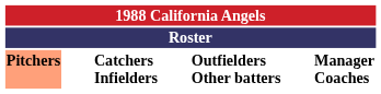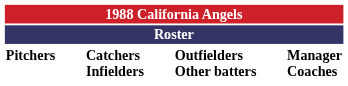 <table class="toccolours" style="font-size: 95%;">
 <tr>
 <th colspan="10" style="background-color: #CE2029; color: #FFFFFF; text-align: center;">1988 California Angels</th>
 </tr>
 <tr>
 <td colspan="10" style="background-color:#333366; color: white; text-align: center;"><strong>Roster</strong></td>
 </tr>
 <tr>
-<td valign="top" style="background: lightsalmon;"><strong>Pitchers</strong><br>                  </td>
+<td valign="top"><strong>Pitchers</strong><br>                  </td>
 <td width="25px"></td>
 <td valign="top"><strong>Catchers</strong><br>     <strong>Infielders</strong>          </td>
 <td width="25px"></td>
 <td valign="top"><strong>Outfielders</strong><br>         <strong>Other batters</strong> </td>
 <td width="25px"></td>
 <td valign="top"><strong>Manager</strong><br>  <strong>Coaches</strong>    </td>
 </tr>
 </table>
